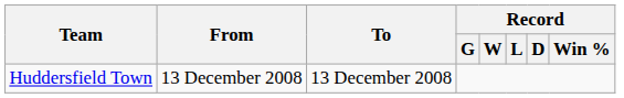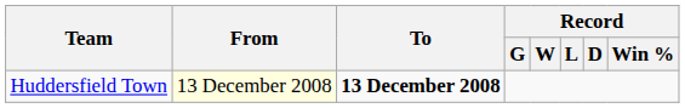 <table class="wikitable" style="text-align: center">
 <tr>
 <th rowspan="2">Team</th>
 <th rowspan="2">From</th>
 <th rowspan="2">To</th>
 <th colspan="5">Record</th>
 </tr>
 <tr>
 <th>G</th>
 <th>W</th>
 <th>L</th>
 <th>D</th>
 <th>Win %</th>
 </tr>
 <tr>
 <td align=left><a href='#'>Huddersfield Town</a></td>
-<td align=left>13 December 2008</td>
-<td align=left>13 December 2008<br></td>
+<td align=left style="background: lightyellow;">13 December 2008</td>
+<td align=left><strong>13 December 2008<br></strong></td>
 </tr>
 </table>
